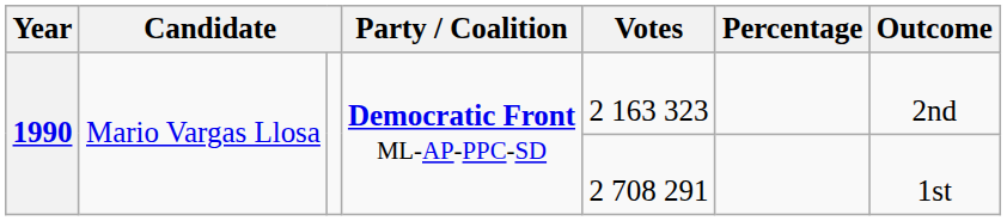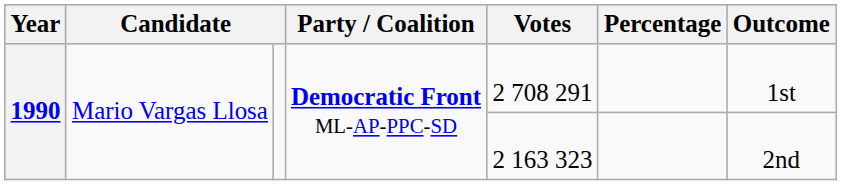 <table class="wikitable" style="text-align:center">
 <tr>
 <th>Year</th>
 <th colspan="2">Candidate</th>
 <th>Party / Coalition</th>
 <th>Votes</th>
 <th>Percentage</th>
 <th>Outcome</th>
 </tr>
 <tr>
 <th rowspan="2"><a href='#'>1990</a></th>
 <td rowspan="2"><a href='#'>Mario Vargas Llosa</a></td>
 <td rowspan="2"></td>
 <td rowspan="2"><strong><a href='#'>Democratic Front</a></strong><br><small>ML-<a href='#'>AP</a>-<a href='#'>PPC</a>-<a href='#'>SD</a></small></td>
+<td><br>2 708 291</td>
+<td></td>
+<td> <br>1st</td>
+</tr>
+<tr>
 <td><br>2 163 323</td>
 <td></td>
 <td><br>2nd</td>
 </tr>
-<tr>
-<td><br>2 708 291</td>
-<td></td>
-<td> <br>1st</td>
-</tr>
 </table>
